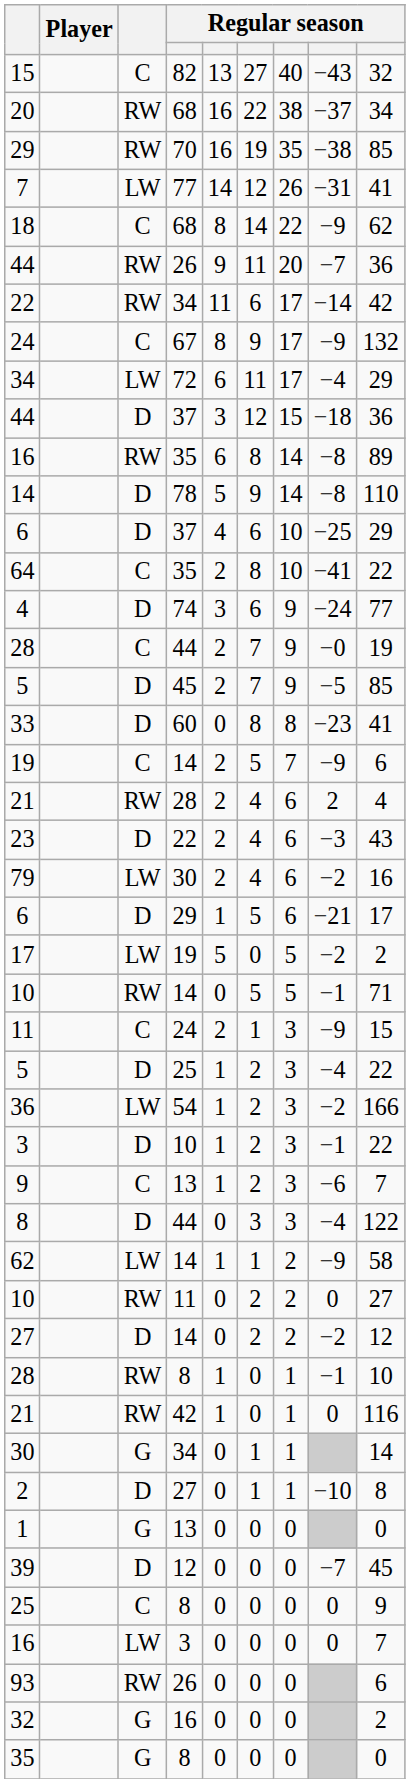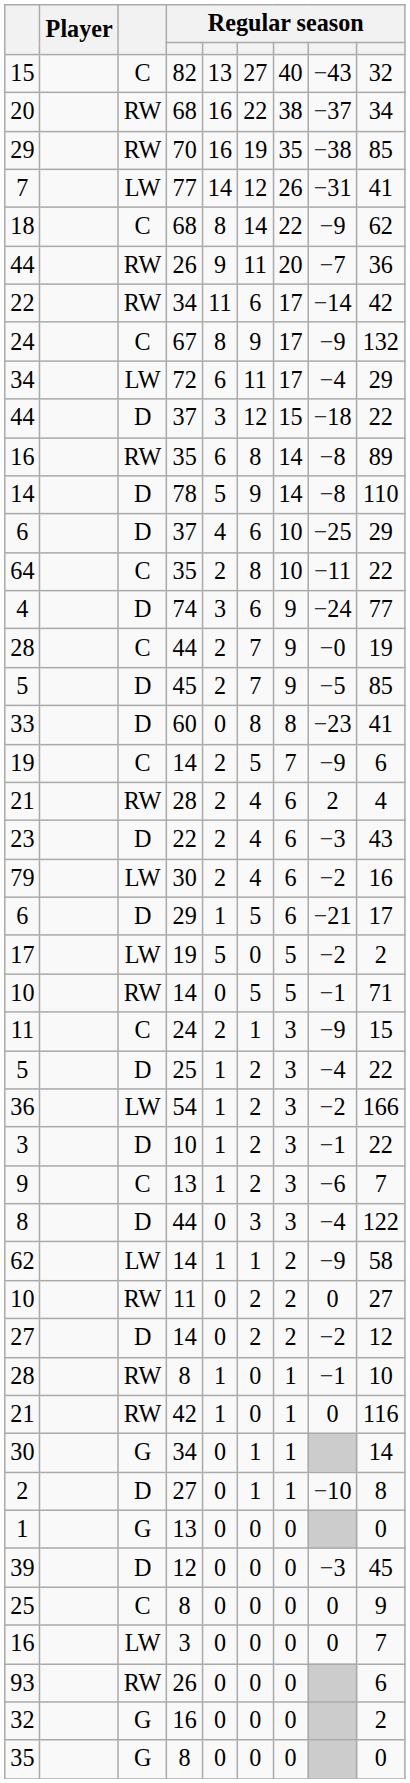 <table class="wikitable sortable plainrowheaders" style="text-align:center;">
 <tr>
 <th scope="col" data-sort-type="number" rowspan="2"></th>
 <th scope="col" rowspan="2">Player</th>
 <th scope="col" rowspan="2"></th>
 <th scope=colgroup colspan=6>Regular season</th>
 </tr>
 <tr>
 <th scope="col" data-sort-type="number"></th>
 <th scope="col" data-sort-type="number"></th>
 <th scope="col" data-sort-type="number"></th>
 <th scope="col" data-sort-type="number"></th>
 <th scope="col" data-sort-type="number"></th>
 <th scope="col" data-sort-type="number"></th>
 </tr>
 <tr>
 <td scope="row">15</td>
 <td align="left"></td>
 <td>C</td>
 <td>82</td>
 <td>13</td>
 <td>27</td>
 <td>40</td>
 <td>−43</td>
 <td>32</td>
 </tr>
 <tr>
 <td scope="row">20</td>
 <td align="left"></td>
 <td>RW</td>
 <td>68</td>
 <td>16</td>
 <td>22</td>
 <td>38</td>
 <td>−37</td>
 <td>34</td>
 </tr>
 <tr>
 <td scope="row">29</td>
 <td align="left"></td>
 <td>RW</td>
 <td>70</td>
 <td>16</td>
 <td>19</td>
 <td>35</td>
 <td>−38</td>
 <td>85</td>
 </tr>
 <tr>
 <td scope="row">7</td>
 <td align="left"></td>
 <td>LW</td>
 <td>77</td>
 <td>14</td>
 <td>12</td>
 <td>26</td>
 <td>−31</td>
 <td>41</td>
 </tr>
 <tr>
 <td scope="row">18</td>
 <td align="left"></td>
 <td>C</td>
 <td>68</td>
 <td>8</td>
 <td>14</td>
 <td>22</td>
 <td>−9</td>
 <td>62</td>
 </tr>
 <tr>
 <td scope="row">44</td>
 <td align="left"></td>
 <td>RW</td>
 <td>26</td>
 <td>9</td>
 <td>11</td>
 <td>20</td>
 <td>−7</td>
 <td>36</td>
 </tr>
 <tr>
 <td scope="row">22</td>
 <td align="left"></td>
 <td>RW</td>
 <td>34</td>
 <td>11</td>
 <td>6</td>
 <td>17</td>
 <td>−14</td>
 <td>42</td>
 </tr>
 <tr>
 <td scope="row">24</td>
 <td align="left"></td>
 <td>C</td>
 <td>67</td>
 <td>8</td>
 <td>9</td>
 <td>17</td>
 <td>−9</td>
 <td>132</td>
 </tr>
 <tr>
 <td scope="row">34</td>
 <td align="left"></td>
 <td>LW</td>
 <td>72</td>
 <td>6</td>
 <td>11</td>
 <td>17</td>
 <td>−4</td>
 <td>29</td>
 </tr>
 <tr>
 <td scope="row">44</td>
 <td align="left"></td>
 <td>D</td>
 <td>37</td>
 <td>3</td>
 <td>12</td>
 <td>15</td>
 <td>−18</td>
-<td>36</td>
+<td>22</td>
 </tr>
 <tr>
 <td scope="row">16</td>
 <td align="left"></td>
 <td>RW</td>
 <td>35</td>
 <td>6</td>
 <td>8</td>
 <td>14</td>
 <td>−8</td>
 <td>89</td>
 </tr>
 <tr>
 <td scope="row">14</td>
 <td align="left"></td>
 <td>D</td>
 <td>78</td>
 <td>5</td>
 <td>9</td>
 <td>14</td>
 <td>−8</td>
 <td>110</td>
 </tr>
 <tr>
 <td scope="row">6</td>
 <td align="left"></td>
 <td>D</td>
 <td>37</td>
 <td>4</td>
 <td>6</td>
 <td>10</td>
 <td>−25</td>
 <td>29</td>
 </tr>
 <tr>
 <td scope="row">64</td>
 <td align="left"></td>
 <td>C</td>
 <td>35</td>
 <td>2</td>
 <td>8</td>
 <td>10</td>
-<td>−41</td>
+<td>−11</td>
 <td>22</td>
 </tr>
 <tr>
 <td scope="row">4</td>
 <td align="left"></td>
 <td>D</td>
 <td>74</td>
 <td>3</td>
 <td>6</td>
 <td>9</td>
 <td>−24</td>
 <td>77</td>
 </tr>
 <tr>
 <td scope="row">28</td>
 <td align="left"></td>
 <td>C</td>
 <td>44</td>
 <td>2</td>
 <td>7</td>
 <td>9</td>
 <td>−0</td>
 <td>19</td>
 </tr>
 <tr>
 <td scope="row">5</td>
 <td align="left"></td>
 <td>D</td>
 <td>45</td>
 <td>2</td>
 <td>7</td>
 <td>9</td>
 <td>−5</td>
 <td>85</td>
 </tr>
 <tr>
 <td scope="row">33</td>
 <td align="left"></td>
 <td>D</td>
 <td>60</td>
 <td>0</td>
 <td>8</td>
 <td>8</td>
 <td>−23</td>
 <td>41</td>
 </tr>
 <tr>
 <td scope="row">19</td>
 <td align="left"></td>
 <td>C</td>
 <td>14</td>
 <td>2</td>
 <td>5</td>
 <td>7</td>
 <td>−9</td>
 <td>6</td>
 </tr>
 <tr>
 <td scope="row">21</td>
 <td align="left"></td>
 <td>RW</td>
 <td>28</td>
 <td>2</td>
 <td>4</td>
 <td>6</td>
 <td>2</td>
 <td>4</td>
 </tr>
 <tr>
 <td scope="row">23</td>
 <td align="left"></td>
 <td>D</td>
 <td>22</td>
 <td>2</td>
 <td>4</td>
 <td>6</td>
 <td>−3</td>
 <td>43</td>
 </tr>
 <tr>
 <td scope="row">79</td>
 <td align="left"></td>
 <td>LW</td>
 <td>30</td>
 <td>2</td>
 <td>4</td>
 <td>6</td>
 <td>−2</td>
 <td>16</td>
 </tr>
 <tr>
 <td scope="row">6</td>
 <td align="left"></td>
 <td>D</td>
 <td>29</td>
 <td>1</td>
 <td>5</td>
 <td>6</td>
 <td>−21</td>
 <td>17</td>
 </tr>
 <tr>
 <td scope="row">17</td>
 <td align="left"></td>
 <td>LW</td>
 <td>19</td>
 <td>5</td>
 <td>0</td>
 <td>5</td>
 <td>−2</td>
 <td>2</td>
 </tr>
 <tr>
 <td scope="row">10</td>
 <td align="left"></td>
 <td>RW</td>
 <td>14</td>
 <td>0</td>
 <td>5</td>
 <td>5</td>
 <td>−1</td>
 <td>71</td>
 </tr>
 <tr>
 <td scope="row">11</td>
 <td align="left"></td>
 <td>C</td>
 <td>24</td>
 <td>2</td>
 <td>1</td>
 <td>3</td>
 <td>−9</td>
 <td>15</td>
 </tr>
 <tr>
 <td scope="row">5</td>
 <td align="left"></td>
 <td>D</td>
 <td>25</td>
 <td>1</td>
 <td>2</td>
 <td>3</td>
 <td>−4</td>
 <td>22</td>
 </tr>
 <tr>
 <td scope="row">36</td>
 <td align="left"></td>
 <td>LW</td>
 <td>54</td>
 <td>1</td>
 <td>2</td>
 <td>3</td>
 <td>−2</td>
 <td>166</td>
 </tr>
 <tr>
 <td scope="row">3</td>
 <td align="left"></td>
 <td>D</td>
 <td>10</td>
 <td>1</td>
 <td>2</td>
 <td>3</td>
 <td>−1</td>
 <td>22</td>
 </tr>
 <tr>
 <td scope="row">9</td>
 <td align="left"></td>
 <td>C</td>
 <td>13</td>
 <td>1</td>
 <td>2</td>
 <td>3</td>
 <td>−6</td>
 <td>7</td>
 </tr>
 <tr>
 <td scope="row">8</td>
 <td align="left"></td>
 <td>D</td>
 <td>44</td>
 <td>0</td>
 <td>3</td>
 <td>3</td>
 <td>−4</td>
 <td>122</td>
 </tr>
 <tr>
 <td scope="row">62</td>
 <td align="left"></td>
 <td>LW</td>
 <td>14</td>
 <td>1</td>
 <td>1</td>
 <td>2</td>
 <td>−9</td>
 <td>58</td>
 </tr>
 <tr>
 <td scope="row">10</td>
 <td align="left"></td>
 <td>RW</td>
 <td>11</td>
 <td>0</td>
 <td>2</td>
 <td>2</td>
 <td>0</td>
 <td>27</td>
 </tr>
 <tr>
 <td scope="row">27</td>
 <td align="left"></td>
 <td>D</td>
 <td>14</td>
 <td>0</td>
 <td>2</td>
 <td>2</td>
 <td>−2</td>
 <td>12</td>
 </tr>
 <tr>
 <td scope="row">28</td>
 <td align="left"></td>
 <td>RW</td>
 <td>8</td>
 <td>1</td>
 <td>0</td>
 <td>1</td>
 <td>−1</td>
 <td>10</td>
 </tr>
 <tr>
 <td scope="row">21</td>
 <td align="left"></td>
 <td>RW</td>
 <td>42</td>
 <td>1</td>
 <td>0</td>
 <td>1</td>
 <td>0</td>
 <td>116</td>
 </tr>
 <tr>
 <td scope="row">30</td>
 <td align="left"></td>
 <td>G</td>
 <td>34</td>
 <td>0</td>
 <td>1</td>
 <td>1</td>
 <td style="background:#ccc"></td>
 <td>14</td>
 </tr>
 <tr>
 <td scope="row">2</td>
 <td align="left"></td>
 <td>D</td>
 <td>27</td>
 <td>0</td>
 <td>1</td>
 <td>1</td>
 <td>−10</td>
 <td>8</td>
 </tr>
 <tr>
 <td scope="row">1</td>
 <td align="left"></td>
 <td>G</td>
 <td>13</td>
 <td>0</td>
 <td>0</td>
 <td>0</td>
 <td style="background:#ccc"></td>
 <td>0</td>
 </tr>
 <tr>
 <td scope="row">39</td>
 <td align="left"></td>
 <td>D</td>
 <td>12</td>
 <td>0</td>
 <td>0</td>
 <td>0</td>
-<td>−7</td>
+<td>−3</td>
 <td>45</td>
 </tr>
 <tr>
 <td scope="row">25</td>
 <td align="left"></td>
 <td>C</td>
 <td>8</td>
 <td>0</td>
 <td>0</td>
 <td>0</td>
 <td>0</td>
 <td>9</td>
 </tr>
 <tr>
 <td scope="row">16</td>
 <td align="left"></td>
 <td>LW</td>
 <td>3</td>
 <td>0</td>
 <td>0</td>
 <td>0</td>
 <td>0</td>
 <td>7</td>
 </tr>
 <tr>
 <td scope="row">93</td>
 <td align="left"></td>
 <td>RW</td>
 <td>26</td>
 <td>0</td>
 <td>0</td>
 <td>0</td>
 <td style="background:#ccc"></td>
 <td>6</td>
 </tr>
 <tr>
 <td scope="row">32</td>
 <td align="left"></td>
 <td>G</td>
 <td>16</td>
 <td>0</td>
 <td>0</td>
 <td>0</td>
 <td style="background:#ccc"></td>
 <td>2</td>
 </tr>
 <tr>
 <td scope="row">35</td>
 <td align="left"></td>
 <td>G</td>
 <td>8</td>
 <td>0</td>
 <td>0</td>
 <td>0</td>
 <td style="background:#ccc"></td>
 <td>0</td>
 </tr>
 </table>
